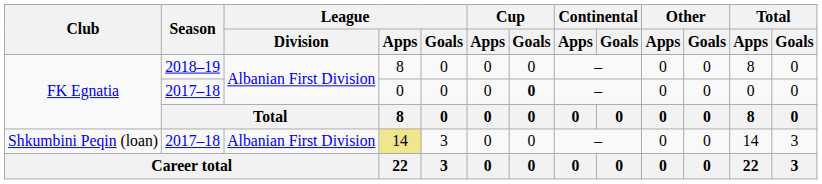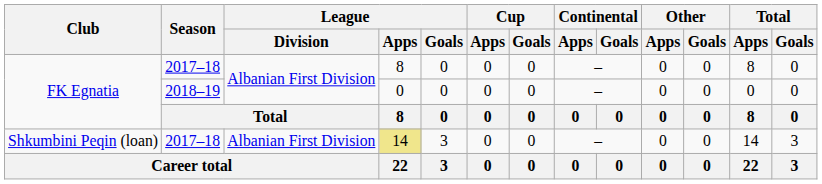 <table class="wikitable" style="text-align: center">
 <tr>
 <th rowspan="2">Club</th>
 <th rowspan="2">Season</th>
 <th colspan="3">League</th>
 <th colspan="2">Cup</th>
 <th colspan="2">Continental</th>
 <th colspan="2">Other</th>
 <th colspan="2">Total</th>
 </tr>
 <tr>
 <th>Division</th>
 <th>Apps</th>
 <th>Goals</th>
 <th>Apps</th>
 <th>Goals</th>
 <th>Apps</th>
 <th>Goals</th>
 <th>Apps</th>
 <th>Goals</th>
 <th>Apps</th>
 <th>Goals</th>
 </tr>
 <tr>
 <td rowspan="3"><a href='#'>FK Egnatia</a></td>
-<td><a href='#'>2018–19</a></td>
+<td><a href='#'>2017–18</a></td>
 <td rowspan="2"><a href='#'>Albanian First Division</a></td>
 <td>8</td>
 <td>0</td>
 <td>0</td>
 <td>0</td>
 <td colspan="2">–</td>
 <td>0</td>
 <td>0</td>
 <td>8</td>
 <td>0</td>
 </tr>
 <tr>
-<td><a href='#'>2017–18</a></td>
+<td><a href='#'>2018–19</a></td>
 <td>0</td>
 <td>0</td>
 <td>0</td>
-<td><strong>0</strong></td>
+<td>0</td>
 <td colspan="2">–</td>
 <td>0</td>
 <td>0</td>
 <td>0</td>
 <td>0</td>
 </tr>
 <tr>
 <th colspan="2"><strong>Total</strong></th>
 <th>8</th>
 <th>0</th>
 <th>0</th>
 <th>0</th>
 <th>0</th>
 <th>0</th>
 <th>0</th>
 <th>0</th>
 <th>8</th>
 <th>0</th>
 </tr>
 <tr>
 <td><a href='#'>Shkumbini Peqin</a> (loan)</td>
 <td><a href='#'>2017–18</a></td>
 <td><a href='#'>Albanian First Division</a></td>
 <td style="background: khaki;">14</td>
 <td>3</td>
 <td>0</td>
 <td>0</td>
 <td colspan="2">–</td>
 <td>0</td>
 <td>0</td>
 <td>14</td>
 <td>3</td>
 </tr>
 <tr>
 <th colspan="3"><strong>Career total</strong></th>
 <th>22</th>
 <th>3</th>
 <th>0</th>
 <th>0</th>
 <th>0</th>
 <th>0</th>
 <th>0</th>
 <th>0</th>
 <th>22</th>
 <th>3</th>
 </tr>
 </table>
